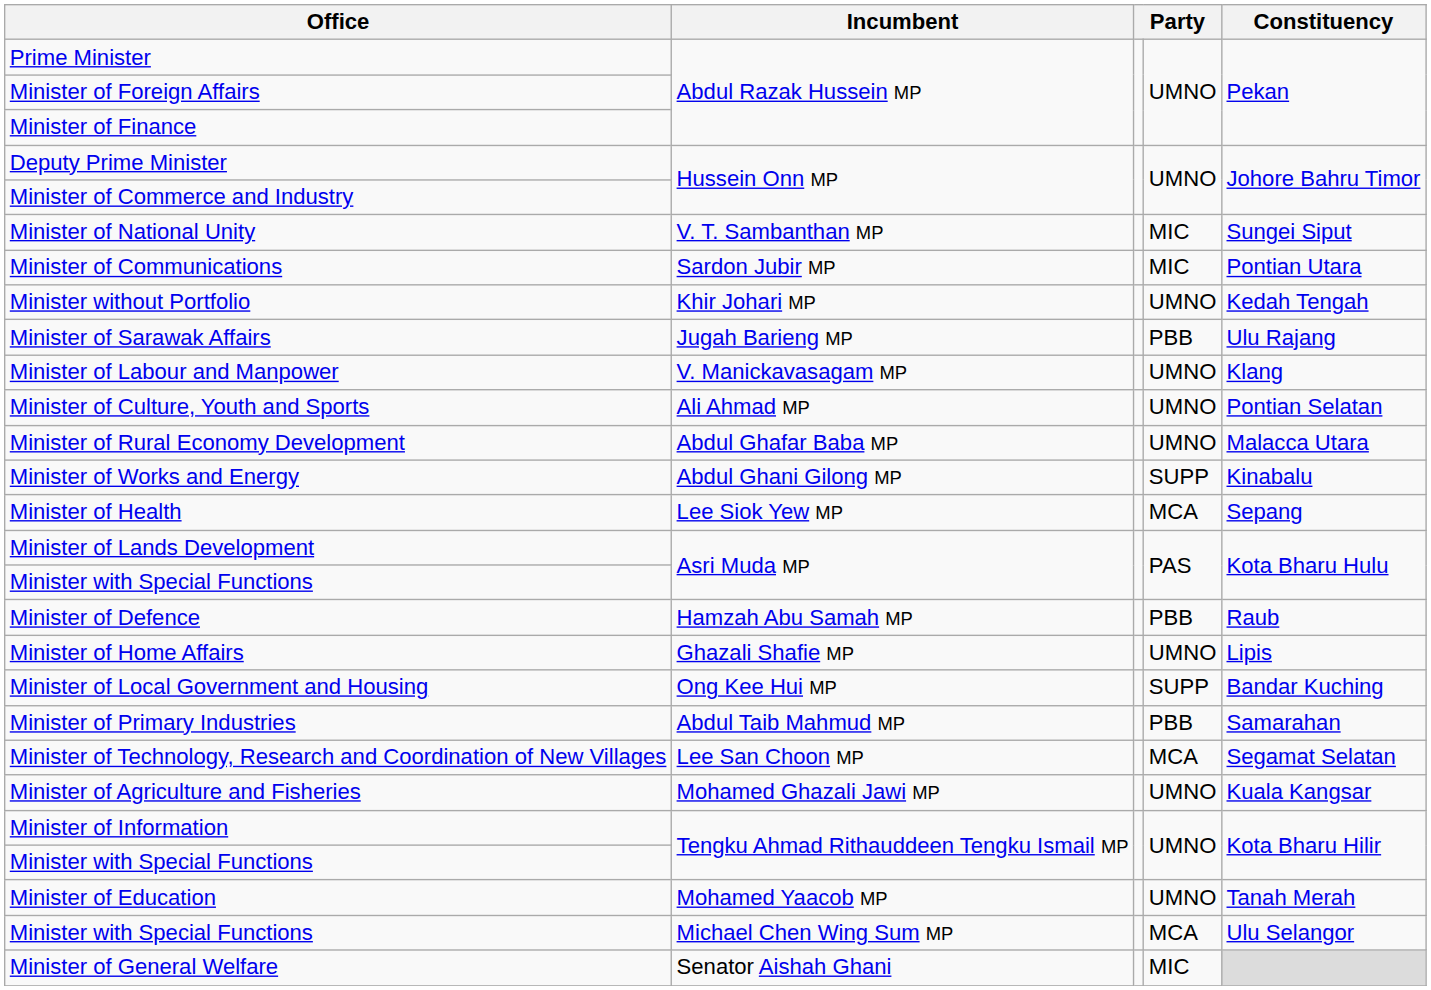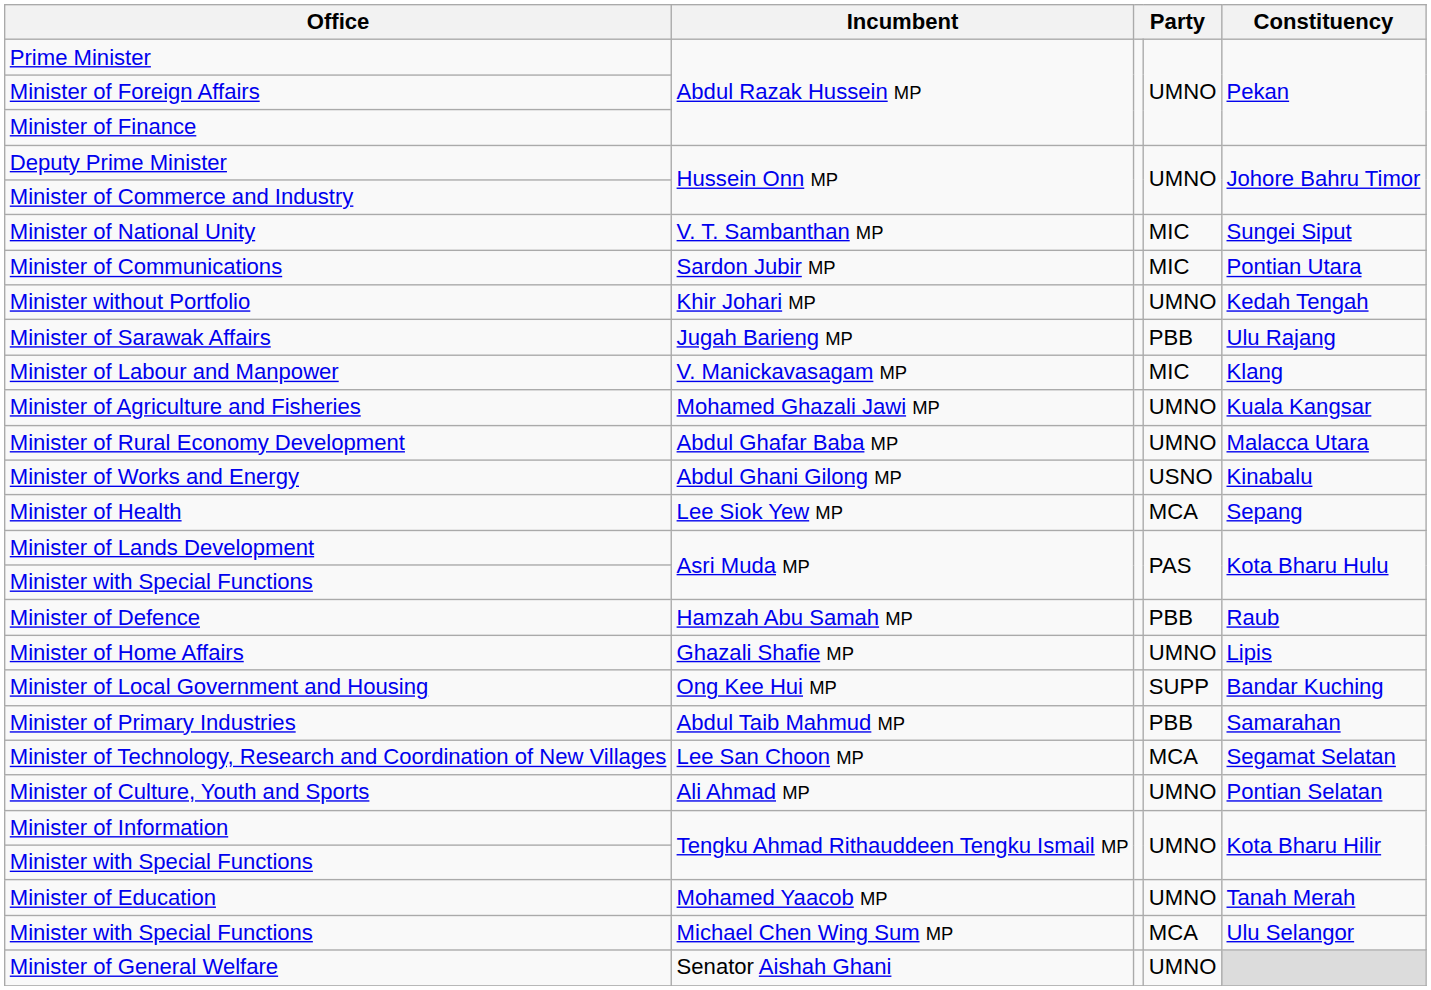 <table class="sortable wikitable">
 <tr>
 <th>Office</th>
 <th>Incumbent</th>
 <th colspan=2>Party</th>
 <th>Constituency</th>
 </tr>
 <tr>
 <td><a href='#'>Prime Minister</a></td>
 <td rowspan=3><a href='#'>Abdul Razak Hussein</a> <small>MP</small></td>
 <td rowspan=3></td>
 <td rowspan=3>UMNO</td>
 <td rowspan=3><a href='#'>Pekan</a></td>
 </tr>
 <tr>
 <td><a href='#'>Minister of Foreign Affairs</a></td>
 </tr>
 <tr>
 <td><a href='#'>Minister of Finance</a></td>
 </tr>
 <tr>
 <td><a href='#'>Deputy Prime Minister</a></td>
 <td rowspan=2><a href='#'>Hussein Onn</a> <small>MP</small></td>
 <td rowspan=2></td>
 <td rowspan=2>UMNO</td>
 <td rowspan=2><a href='#'>Johore Bahru Timor</a></td>
 </tr>
 <tr>
 <td><a href='#'>Minister of Commerce and Industry</a></td>
 </tr>
 <tr>
 <td><a href='#'>Minister of National Unity</a></td>
 <td><a href='#'>V. T. Sambanthan</a> <small>MP</small></td>
 <td rowspan=1></td>
 <td>MIC</td>
 <td><a href='#'>Sungei Siput</a></td>
 </tr>
 <tr>
 <td><a href='#'>Minister of Communications</a></td>
 <td><a href='#'>Sardon Jubir</a> <small>MP</small></td>
 <td rowspan=1></td>
 <td>MIC</td>
 <td><a href='#'>Pontian Utara</a></td>
 </tr>
 <tr>
 <td><a href='#'>Minister without Portfolio</a></td>
 <td><a href='#'>Khir Johari</a> <small>MP</small></td>
 <td rowspan=1></td>
 <td>UMNO</td>
 <td><a href='#'>Kedah Tengah</a></td>
 </tr>
 <tr>
 <td><a href='#'>Minister of Sarawak Affairs</a></td>
 <td><a href='#'>Jugah Barieng</a> <small>MP</small></td>
 <td rowspan=1></td>
 <td>PBB</td>
 <td><a href='#'>Ulu Rajang</a></td>
 </tr>
 <tr>
 <td><a href='#'>Minister of Labour and Manpower</a></td>
 <td><a href='#'>V. Manickavasagam</a> <small>MP</small></td>
 <td rowspan=1></td>
-<td>UMNO</td>
+<td>MIC</td>
 <td><a href='#'>Klang</a></td>
 </tr>
 <tr>
-<td><a href='#'>Minister of Culture, Youth and Sports</a></td>
-<td><a href='#'>Ali Ahmad</a> <small>MP</small></td>
+<td><a href='#'>Minister of Agriculture and Fisheries</a></td>
+<td><a href='#'>Mohamed Ghazali Jawi</a> <small>MP</small></td>
 <td rowspan=1></td>
 <td>UMNO</td>
-<td><a href='#'>Pontian Selatan</a></td>
+<td><a href='#'>Kuala Kangsar</a></td>
 </tr>
 <tr>
 <td><a href='#'>Minister of Rural Economy Development</a></td>
 <td><a href='#'>Abdul Ghafar Baba</a> <small>MP</small></td>
 <td rowspan=1></td>
 <td>UMNO</td>
 <td><a href='#'>Malacca Utara</a></td>
 </tr>
 <tr>
 <td><a href='#'>Minister of Works and Energy</a></td>
 <td><a href='#'>Abdul Ghani Gilong</a> <small>MP</small></td>
 <td rowspan=1></td>
-<td>SUPP</td>
+<td>USNO</td>
 <td><a href='#'>Kinabalu</a></td>
 </tr>
 <tr>
 <td><a href='#'>Minister of Health</a></td>
 <td><a href='#'>Lee Siok Yew</a> <small>MP</small></td>
 <td rowspan=1></td>
 <td>MCA</td>
 <td><a href='#'>Sepang</a></td>
 </tr>
 <tr>
 <td><a href='#'>Minister of Lands Development</a></td>
 <td rowspan=2><a href='#'>Asri Muda</a> <small>MP</small></td>
 <td rowspan=2></td>
 <td rowspan=2>PAS</td>
 <td rowspan=2><a href='#'>Kota Bharu Hulu</a></td>
 </tr>
 <tr>
 <td><a href='#'>Minister with Special Functions</a></td>
 </tr>
 <tr>
 <td><a href='#'>Minister of Defence</a></td>
 <td><a href='#'>Hamzah Abu Samah</a> <small>MP</small></td>
 <td rowspan=1></td>
 <td>PBB</td>
 <td><a href='#'>Raub</a></td>
 </tr>
 <tr>
 <td><a href='#'>Minister of Home Affairs</a></td>
 <td><a href='#'>Ghazali Shafie</a> <small>MP</small></td>
 <td rowspan=1></td>
 <td>UMNO</td>
 <td><a href='#'>Lipis</a></td>
 </tr>
 <tr>
 <td><a href='#'>Minister of Local Government and Housing</a></td>
 <td><a href='#'>Ong Kee Hui</a> <small>MP</small></td>
 <td rowspan=1></td>
 <td>SUPP</td>
 <td><a href='#'>Bandar Kuching</a></td>
 </tr>
 <tr>
 <td><a href='#'>Minister of Primary Industries</a></td>
 <td><a href='#'>Abdul Taib Mahmud</a> <small>MP</small></td>
 <td rowspan=1></td>
 <td>PBB</td>
 <td><a href='#'>Samarahan</a></td>
 </tr>
 <tr>
 <td><a href='#'>Minister of Technology, Research and Coordination of New Villages</a></td>
 <td><a href='#'>Lee San Choon</a> <small>MP</small></td>
 <td rowspan=1></td>
 <td>MCA</td>
 <td><a href='#'>Segamat Selatan</a></td>
 </tr>
 <tr>
-<td><a href='#'>Minister of Agriculture and Fisheries</a></td>
-<td><a href='#'>Mohamed Ghazali Jawi</a> <small>MP</small></td>
+<td><a href='#'>Minister of Culture, Youth and Sports</a></td>
+<td><a href='#'>Ali Ahmad</a> <small>MP</small></td>
 <td rowspan=1></td>
 <td>UMNO</td>
-<td><a href='#'>Kuala Kangsar</a></td>
+<td><a href='#'>Pontian Selatan</a></td>
 </tr>
 <tr>
 <td><a href='#'>Minister of Information</a></td>
 <td rowspan=2><a href='#'>Tengku Ahmad Rithauddeen Tengku Ismail</a> <small>MP</small></td>
 <td rowspan=2></td>
 <td rowspan=2>UMNO</td>
 <td rowspan=2><a href='#'>Kota Bharu Hilir</a></td>
 </tr>
 <tr>
 <td><a href='#'>Minister with Special Functions</a></td>
 </tr>
 <tr>
 <td><a href='#'>Minister of Education</a></td>
 <td><a href='#'>Mohamed Yaacob</a> <small>MP</small></td>
 <td rowspan=1></td>
 <td>UMNO</td>
 <td><a href='#'>Tanah Merah</a></td>
 </tr>
 <tr>
 <td><a href='#'>Minister with Special Functions</a></td>
 <td><a href='#'>Michael Chen Wing Sum</a> <small>MP</small></td>
 <td rowspan=1></td>
 <td>MCA</td>
 <td><a href='#'>Ulu Selangor</a></td>
 </tr>
 <tr>
 <td><a href='#'>Minister of General Welfare</a></td>
 <td>Senator <a href='#'>Aishah Ghani</a></td>
 <td rowspan=1></td>
-<td>MIC</td>
+<td>UMNO</td>
 <td bgcolor=dcdcdc></td>
 </tr>
 </table>
